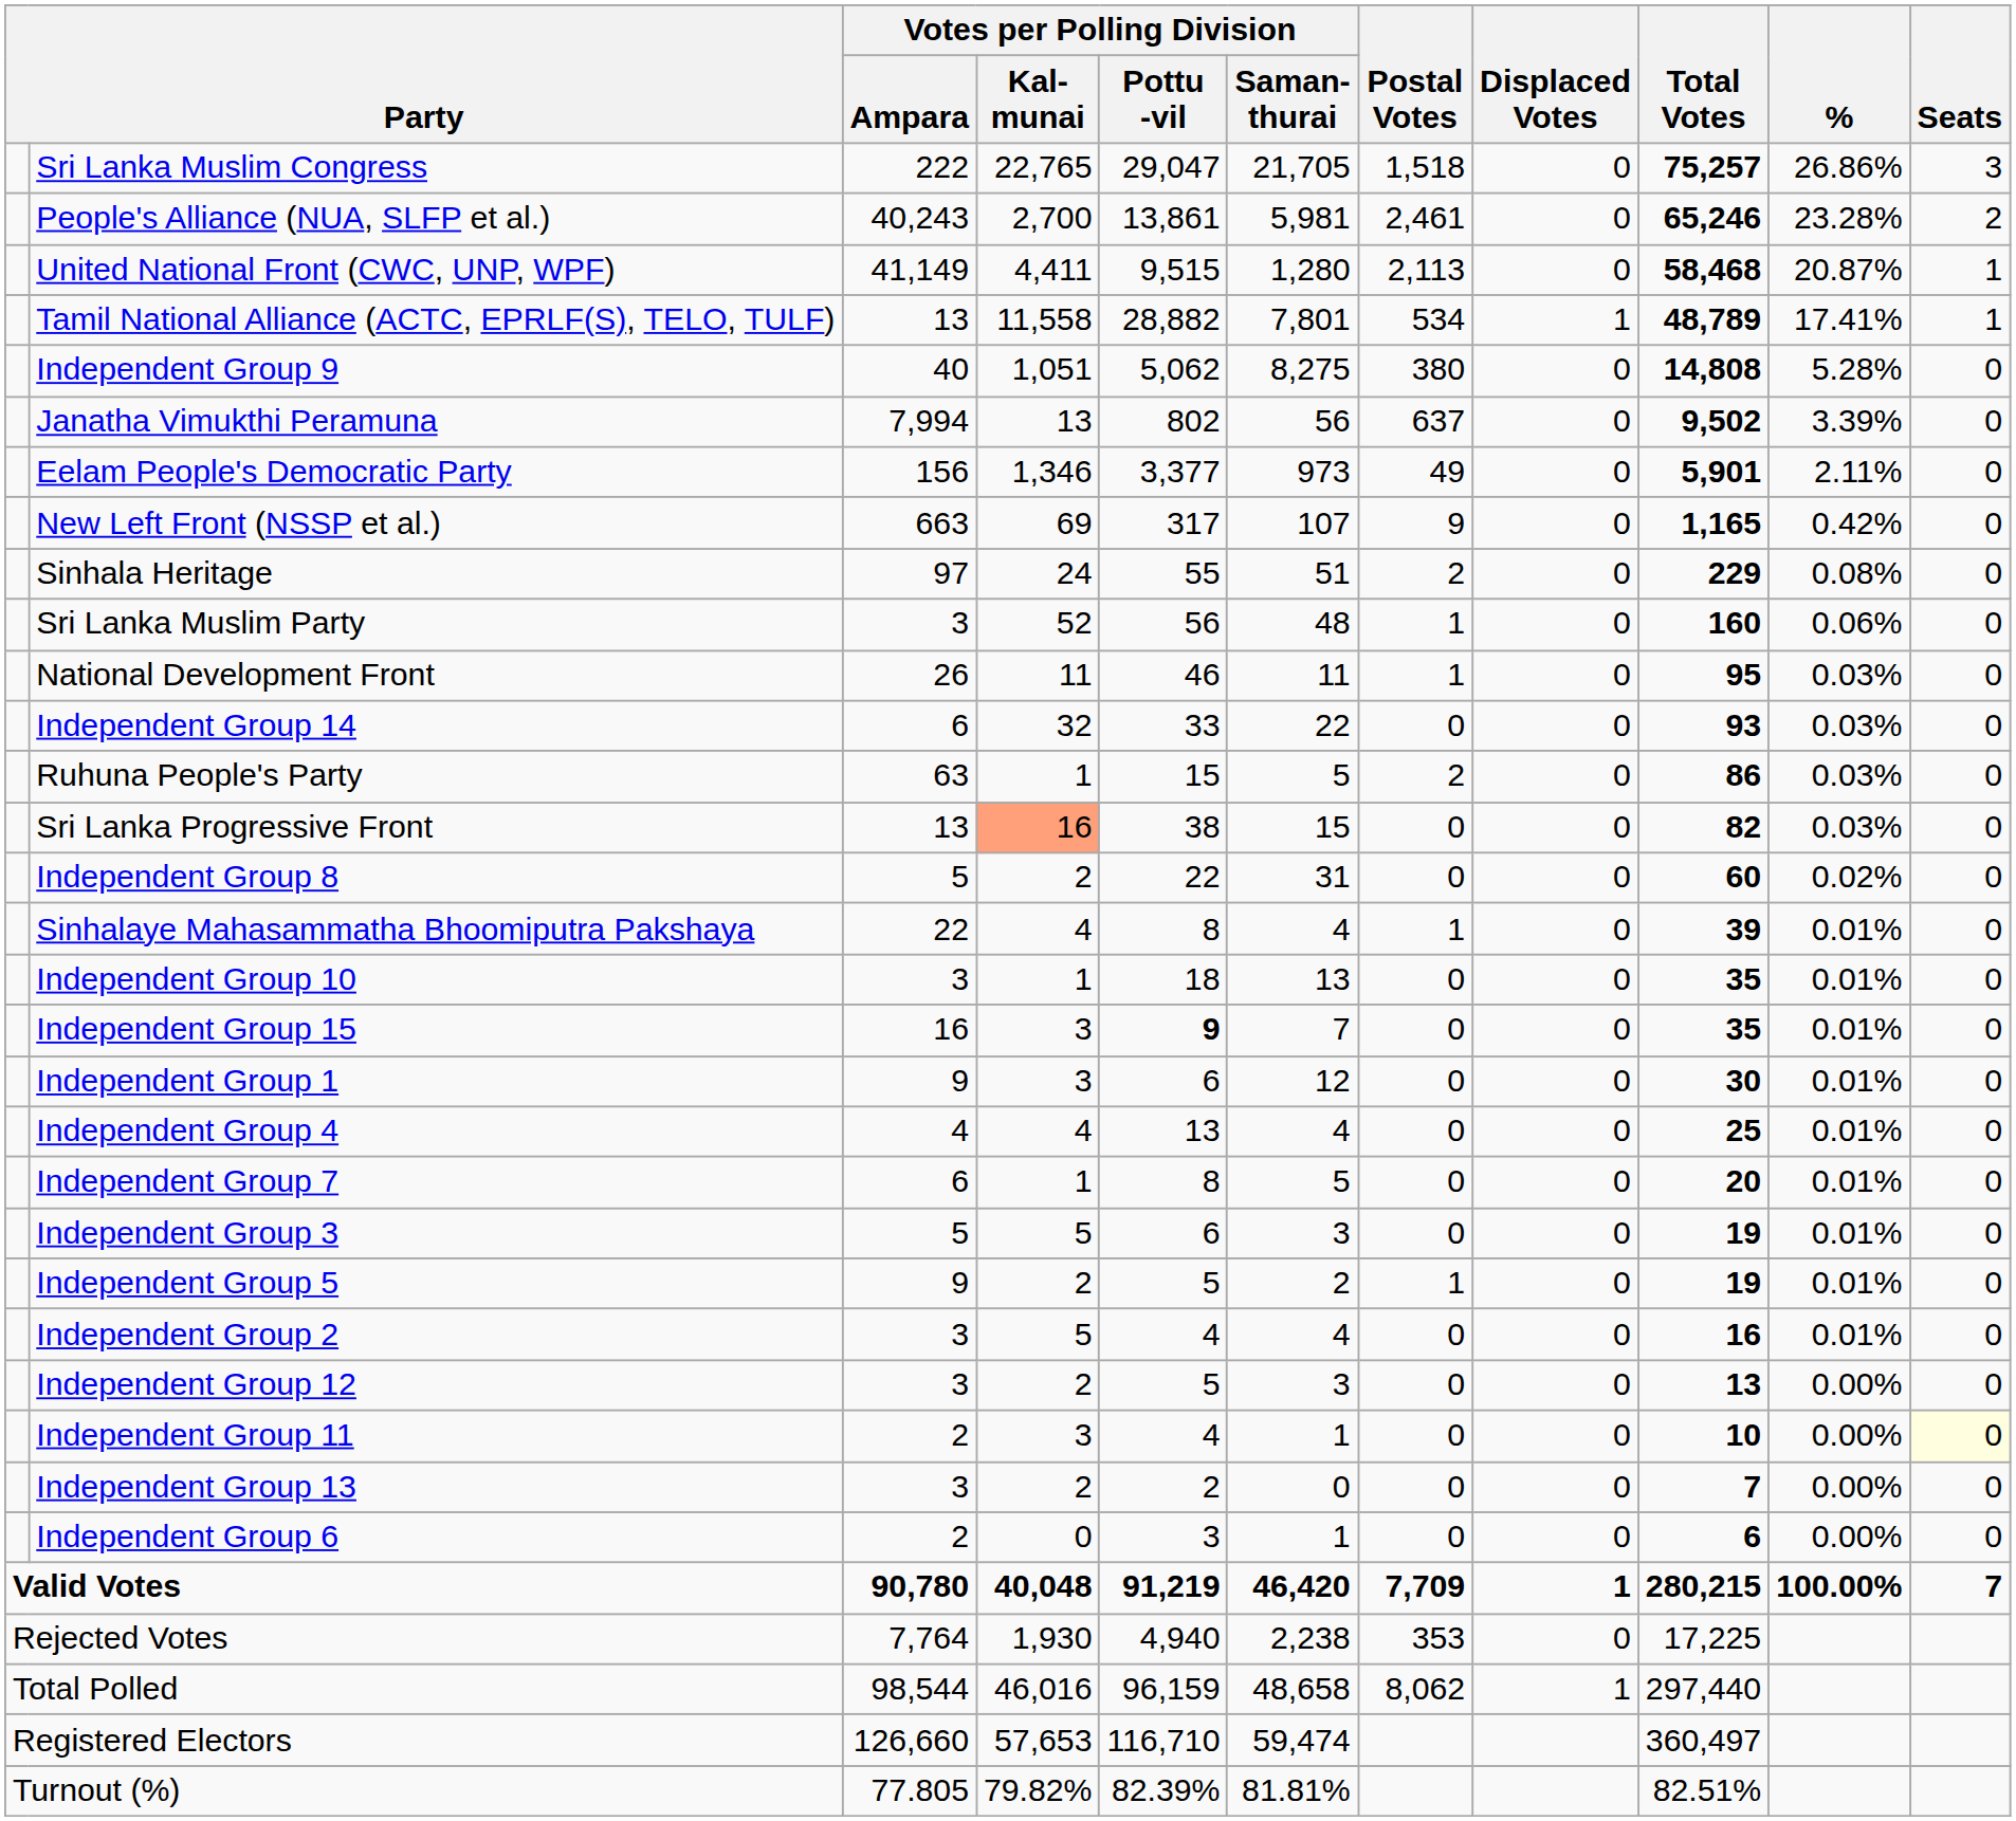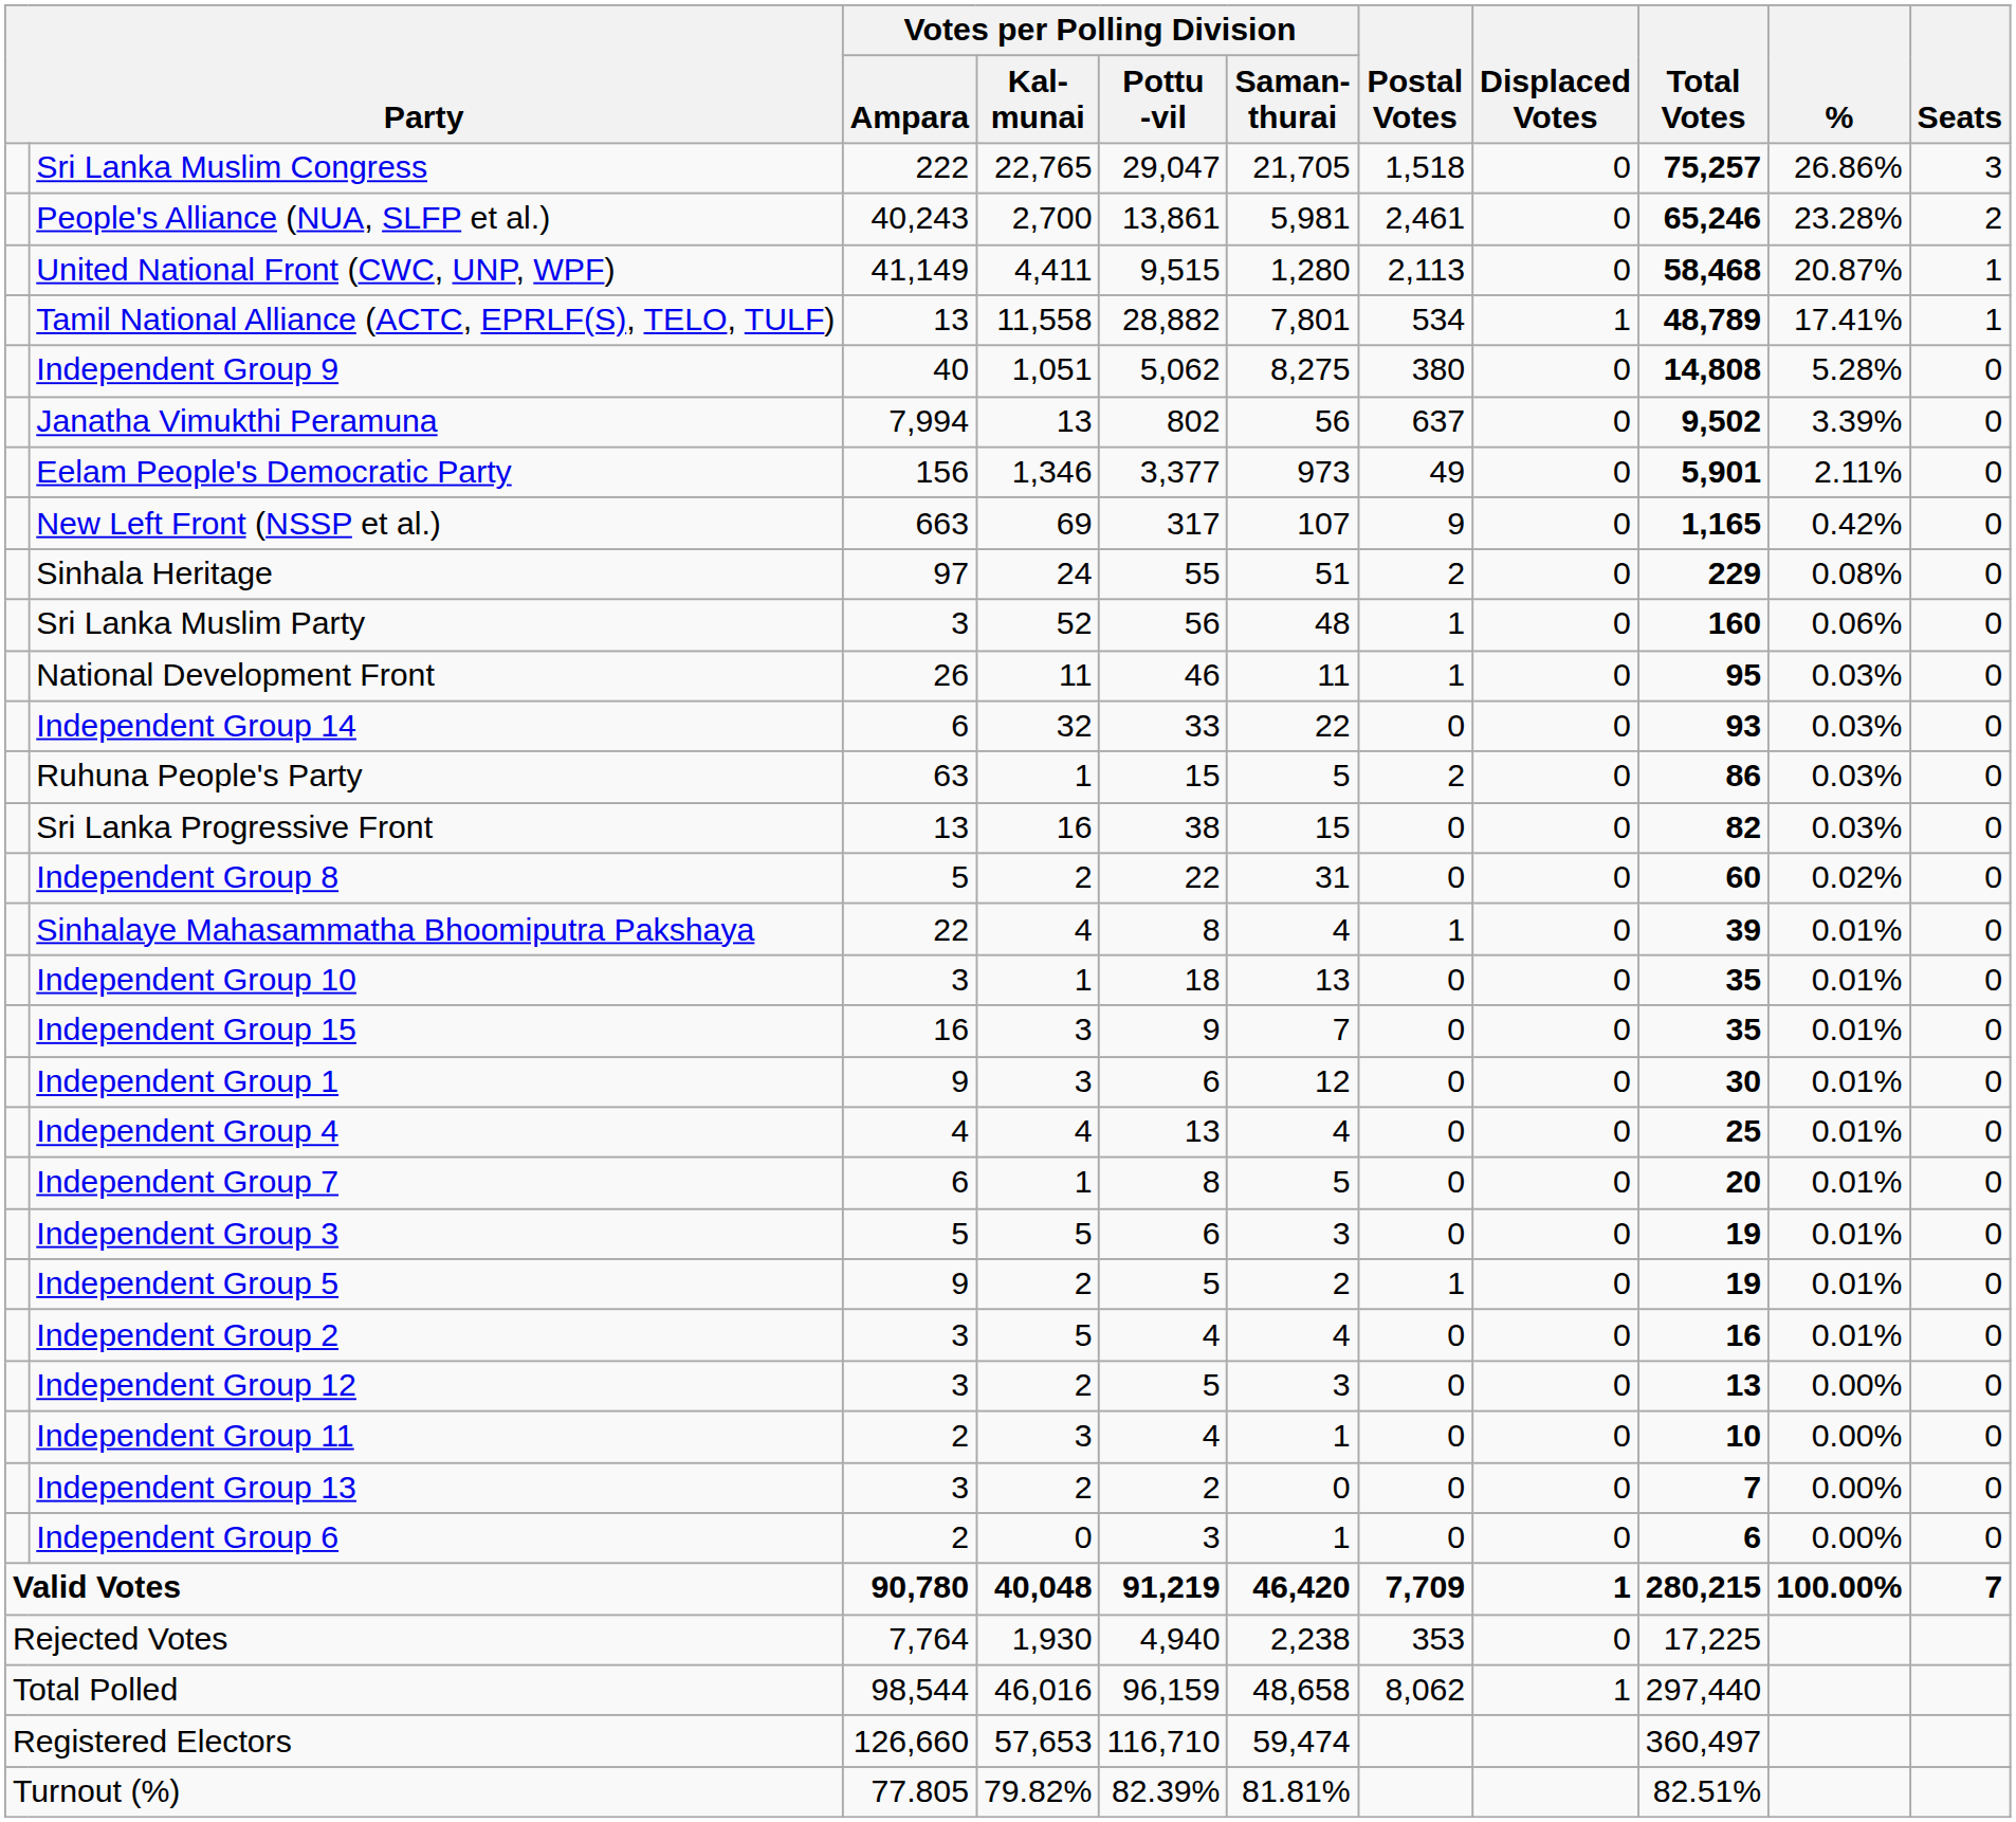 <table class="wikitable" border="1" style="text-align:right;">
 <tr>
 <th align=left valign=bottom rowspan=2 colspan=2>Party</th>
 <th colspan=4>Votes per Polling Division</th>
 <th align=center valign=bottom rowspan=2 width="50">Postal<br>Votes</th>
 <th align=center valign=bottom rowspan=2 width="50">Displaced<br>Votes</th>
 <th align=center valign=bottom rowspan=2 width="50">Total Votes</th>
 <th align=center valign=bottom rowspan=2 width="50">%</th>
 <th align=center valign=bottom rowspan=2 width="40">Seats</th>
 </tr>
 <tr>
 <th align=center valign=bottom width="50">Ampara</th>
 <th align=center valign=bottom width="50">Kal-<br>munai</th>
 <th align=center valign=bottom width="50">Pottu<br>-vil</th>
 <th align=center valign=bottom width="50">Saman-<br>thurai</th>
 </tr>
 <tr>
 <td bgcolor=> </td>
 <td align=left><a href='#'>Sri Lanka Muslim Congress</a></td>
 <td>222</td>
 <td>22,765</td>
 <td>29,047</td>
 <td>21,705</td>
 <td>1,518</td>
 <td>0</td>
 <td><strong>75,257</strong></td>
 <td>26.86%</td>
 <td>3</td>
 </tr>
 <tr>
 <td bgcolor=> </td>
 <td align=left><a href='#'>People's Alliance</a> (<a href='#'>NUA</a>, <a href='#'>SLFP</a> et al.)</td>
 <td>40,243</td>
 <td>2,700</td>
 <td>13,861</td>
 <td>5,981</td>
 <td>2,461</td>
 <td>0</td>
 <td><strong>65,246</strong></td>
 <td>23.28%</td>
 <td>2</td>
 </tr>
 <tr>
 <td bgcolor=> </td>
 <td align=left><a href='#'>United National Front</a> (<a href='#'>CWC</a>, <a href='#'>UNP</a>, <a href='#'>WPF</a>)</td>
 <td>41,149</td>
 <td>4,411</td>
 <td>9,515</td>
 <td>1,280</td>
 <td>2,113</td>
 <td>0</td>
 <td><strong>58,468</strong></td>
 <td>20.87%</td>
 <td>1</td>
 </tr>
 <tr>
 <td bgcolor=> </td>
 <td align=left><a href='#'>Tamil National Alliance</a> (<a href='#'>ACTC</a>, <a href='#'>EPRLF(S)</a>, <a href='#'>TELO</a>, <a href='#'>TULF</a>)</td>
 <td>13</td>
 <td>11,558</td>
 <td>28,882</td>
 <td>7,801</td>
 <td>534</td>
 <td>1</td>
 <td><strong>48,789</strong></td>
 <td>17.41%</td>
 <td>1</td>
 </tr>
 <tr>
 <td bgcolor=> </td>
 <td align=left><a href='#'>Independent Group 9</a></td>
 <td>40</td>
 <td>1,051</td>
 <td>5,062</td>
 <td>8,275</td>
 <td>380</td>
 <td>0</td>
 <td><strong>14,808</strong></td>
 <td>5.28%</td>
 <td>0</td>
 </tr>
 <tr>
 <td bgcolor=> </td>
 <td align=left><a href='#'>Janatha Vimukthi Peramuna</a></td>
 <td>7,994</td>
 <td>13</td>
 <td>802</td>
 <td>56</td>
 <td>637</td>
 <td>0</td>
 <td><strong>9,502</strong></td>
 <td>3.39%</td>
 <td>0</td>
 </tr>
 <tr>
 <td bgcolor=> </td>
 <td align=left><a href='#'>Eelam People's Democratic Party</a></td>
 <td>156</td>
 <td>1,346</td>
 <td>3,377</td>
 <td>973</td>
 <td>49</td>
 <td>0</td>
 <td><strong>5,901</strong></td>
 <td>2.11%</td>
 <td>0</td>
 </tr>
 <tr>
 <td bgcolor=> </td>
 <td align=left><a href='#'>New Left Front</a> (<a href='#'>NSSP</a> et al.)</td>
 <td>663</td>
 <td>69</td>
 <td>317</td>
 <td>107</td>
 <td>9</td>
 <td>0</td>
 <td><strong>1,165</strong></td>
 <td>0.42%</td>
 <td>0</td>
 </tr>
 <tr>
 <td></td>
 <td align=left>Sinhala Heritage</td>
 <td>97</td>
 <td>24</td>
 <td>55</td>
 <td>51</td>
 <td>2</td>
 <td>0</td>
 <td><strong>229</strong></td>
 <td>0.08%</td>
 <td>0</td>
 </tr>
 <tr>
 <td></td>
 <td align=left>Sri Lanka Muslim Party</td>
 <td>3</td>
 <td>52</td>
 <td>56</td>
 <td>48</td>
 <td>1</td>
 <td>0</td>
 <td><strong>160</strong></td>
 <td>0.06%</td>
 <td>0</td>
 </tr>
 <tr>
 <td></td>
 <td align=left>National Development Front</td>
 <td>26</td>
 <td>11</td>
 <td>46</td>
 <td>11</td>
 <td>1</td>
 <td>0</td>
 <td><strong>95</strong></td>
 <td>0.03%</td>
 <td>0</td>
 </tr>
 <tr>
 <td bgcolor=> </td>
 <td align=left><a href='#'>Independent Group 14</a></td>
 <td>6</td>
 <td>32</td>
 <td>33</td>
 <td>22</td>
 <td>0</td>
 <td>0</td>
 <td><strong>93</strong></td>
 <td>0.03%</td>
 <td>0</td>
 </tr>
 <tr>
 <td></td>
 <td align=left>Ruhuna People's Party</td>
 <td>63</td>
 <td>1</td>
 <td>15</td>
 <td>5</td>
 <td>2</td>
 <td>0</td>
 <td><strong>86</strong></td>
 <td>0.03%</td>
 <td>0</td>
 </tr>
 <tr>
 <td></td>
 <td align=left>Sri Lanka Progressive Front</td>
 <td>13</td>
-<td style="background: lightsalmon;">16</td>
+<td>16</td>
 <td>38</td>
 <td>15</td>
 <td>0</td>
 <td>0</td>
 <td><strong>82</strong></td>
 <td>0.03%</td>
 <td>0</td>
 </tr>
 <tr>
 <td bgcolor=> </td>
 <td align=left><a href='#'>Independent Group 8</a></td>
 <td>5</td>
 <td>2</td>
 <td>22</td>
 <td>31</td>
 <td>0</td>
 <td>0</td>
 <td><strong>60</strong></td>
 <td>0.02%</td>
 <td>0</td>
 </tr>
 <tr>
 <td bgcolor=> </td>
 <td align=left><a href='#'>Sinhalaye Mahasammatha Bhoomiputra Pakshaya</a></td>
 <td>22</td>
 <td>4</td>
 <td>8</td>
 <td>4</td>
 <td>1</td>
 <td>0</td>
 <td><strong>39</strong></td>
 <td>0.01%</td>
 <td>0</td>
 </tr>
 <tr>
 <td bgcolor=> </td>
 <td align=left><a href='#'>Independent Group 10</a></td>
 <td>3</td>
 <td>1</td>
 <td>18</td>
 <td>13</td>
 <td>0</td>
 <td>0</td>
 <td><strong>35</strong></td>
 <td>0.01%</td>
 <td>0</td>
 </tr>
 <tr>
 <td bgcolor=> </td>
 <td align=left><a href='#'>Independent Group 15</a></td>
 <td>16</td>
 <td>3</td>
-<td><strong>9</strong></td>
+<td>9</td>
 <td>7</td>
 <td>0</td>
 <td>0</td>
 <td><strong>35</strong></td>
 <td>0.01%</td>
 <td>0</td>
 </tr>
 <tr>
 <td bgcolor=> </td>
 <td align=left><a href='#'>Independent Group 1</a></td>
 <td>9</td>
 <td>3</td>
 <td>6</td>
 <td>12</td>
 <td>0</td>
 <td>0</td>
 <td><strong>30</strong></td>
 <td>0.01%</td>
 <td>0</td>
 </tr>
 <tr>
 <td bgcolor=> </td>
 <td align=left><a href='#'>Independent Group 4</a></td>
 <td>4</td>
 <td>4</td>
 <td>13</td>
 <td>4</td>
 <td>0</td>
 <td>0</td>
 <td><strong>25</strong></td>
 <td>0.01%</td>
 <td>0</td>
 </tr>
 <tr>
 <td bgcolor=> </td>
 <td align=left><a href='#'>Independent Group 7</a></td>
 <td>6</td>
 <td>1</td>
 <td>8</td>
 <td>5</td>
 <td>0</td>
 <td>0</td>
 <td><strong>20</strong></td>
 <td>0.01%</td>
 <td>0</td>
 </tr>
 <tr>
 <td bgcolor=> </td>
 <td align=left><a href='#'>Independent Group 3</a></td>
 <td>5</td>
 <td>5</td>
 <td>6</td>
 <td>3</td>
 <td>0</td>
 <td>0</td>
 <td><strong>19</strong></td>
 <td>0.01%</td>
 <td>0</td>
 </tr>
 <tr>
 <td bgcolor=> </td>
 <td align=left><a href='#'>Independent Group 5</a></td>
 <td>9</td>
 <td>2</td>
 <td>5</td>
 <td>2</td>
 <td>1</td>
 <td>0</td>
 <td><strong>19</strong></td>
 <td>0.01%</td>
 <td>0</td>
 </tr>
 <tr>
 <td bgcolor=> </td>
 <td align=left><a href='#'>Independent Group 2</a></td>
 <td>3</td>
 <td>5</td>
 <td>4</td>
 <td>4</td>
 <td>0</td>
 <td>0</td>
 <td><strong>16</strong></td>
 <td>0.01%</td>
 <td>0</td>
 </tr>
 <tr>
 <td bgcolor=> </td>
 <td align=left><a href='#'>Independent Group 12</a></td>
 <td>3</td>
 <td>2</td>
 <td>5</td>
 <td>3</td>
 <td>0</td>
 <td>0</td>
 <td><strong>13</strong></td>
 <td>0.00%</td>
 <td>0</td>
 </tr>
 <tr>
 <td bgcolor=> </td>
 <td align=left><a href='#'>Independent Group 11</a></td>
 <td>2</td>
 <td>3</td>
 <td>4</td>
 <td>1</td>
 <td>0</td>
 <td>0</td>
 <td><strong>10</strong></td>
 <td>0.00%</td>
-<td style="background: lightyellow;">0</td>
+<td>0</td>
 </tr>
 <tr>
 <td bgcolor=> </td>
 <td align=left><a href='#'>Independent Group 13</a></td>
 <td>3</td>
 <td>2</td>
 <td>2</td>
 <td>0</td>
 <td>0</td>
 <td>0</td>
 <td><strong>7</strong></td>
 <td>0.00%</td>
 <td>0</td>
 </tr>
 <tr>
 <td bgcolor=> </td>
 <td align=left><a href='#'>Independent Group 6</a></td>
 <td>2</td>
 <td>0</td>
 <td>3</td>
 <td>1</td>
 <td>0</td>
 <td>0</td>
 <td><strong>6</strong></td>
 <td>0.00%</td>
 <td>0</td>
 </tr>
 <tr>
 <td align=left colspan=2><strong>Valid Votes</strong></td>
 <td><strong>90,780</strong></td>
 <td><strong>40,048</strong></td>
 <td><strong>91,219</strong></td>
 <td><strong>46,420</strong></td>
 <td><strong>7,709</strong></td>
 <td><strong>1</strong></td>
 <td><strong>280,215</strong></td>
 <td><strong>100.00%</strong></td>
 <td><strong>7</strong></td>
 </tr>
 <tr>
 <td align=left colspan=2>Rejected Votes</td>
 <td>7,764</td>
 <td>1,930</td>
 <td>4,940</td>
 <td>2,238</td>
 <td>353</td>
 <td>0</td>
 <td>17,225</td>
 <td></td>
 <td></td>
 </tr>
 <tr>
 <td align=left colspan=2>Total Polled</td>
 <td>98,544</td>
 <td>46,016</td>
 <td>96,159</td>
 <td>48,658</td>
 <td>8,062</td>
 <td>1</td>
 <td>297,440</td>
 <td></td>
 <td></td>
 </tr>
 <tr>
 <td align=left colspan=2>Registered Electors</td>
 <td>126,660</td>
 <td>57,653</td>
 <td>116,710</td>
 <td>59,474</td>
 <td></td>
 <td></td>
 <td>360,497</td>
 <td></td>
 <td></td>
 </tr>
 <tr>
 <td align=left colspan=2>Turnout (%)</td>
 <td>77.805</td>
 <td>79.82%</td>
 <td>82.39%</td>
 <td>81.81%</td>
 <td></td>
 <td></td>
 <td>82.51%</td>
 <td></td>
 <td></td>
 </tr>
 </table>
